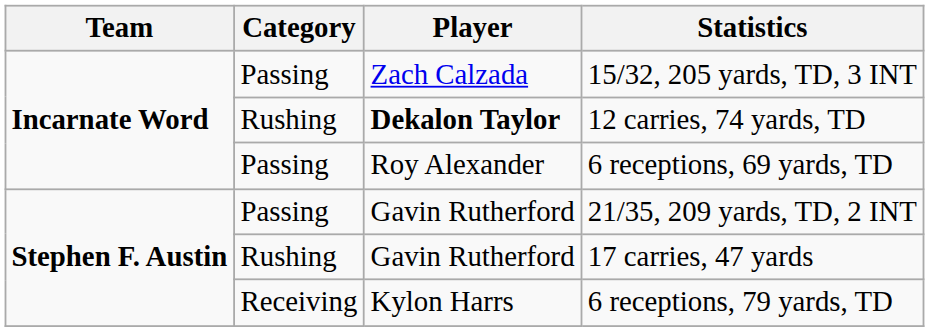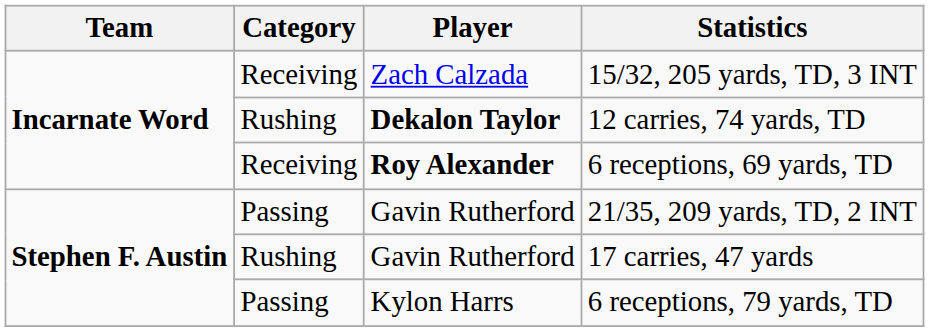 <table class="wikitable" style="float: right;">
 <tr>
 <th>Team</th>
 <th>Category</th>
 <th>Player</th>
 <th>Statistics</th>
 </tr>
 <tr>
 <td rowspan=3><strong>Incarnate Word</strong></td>
-<td>Passing</td>
+<td>Receiving</td>
 <td><a href='#'>Zach Calzada</a></td>
 <td>15/32, 205 yards, TD, 3 INT</td>
 </tr>
 <tr>
 <td>Rushing</td>
 <td><strong>Dekalon Taylor</strong></td>
 <td>12 carries, 74 yards, TD</td>
 </tr>
 <tr>
-<td>Passing</td>
-<td>Roy Alexander</td>
+<td>Receiving</td>
+<td><strong>Roy Alexander</strong></td>
 <td>6 receptions, 69 yards, TD</td>
 </tr>
 <tr>
 <td rowspan=3><strong>Stephen F. Austin</strong></td>
 <td>Passing</td>
 <td>Gavin Rutherford</td>
 <td>21/35, 209 yards, TD, 2 INT</td>
 </tr>
 <tr>
 <td>Rushing</td>
 <td>Gavin Rutherford</td>
 <td>17 carries, 47 yards</td>
 </tr>
 <tr>
-<td>Receiving</td>
+<td>Passing</td>
 <td>Kylon Harrs</td>
 <td>6 receptions, 79 yards, TD</td>
 </tr>
 </table>
